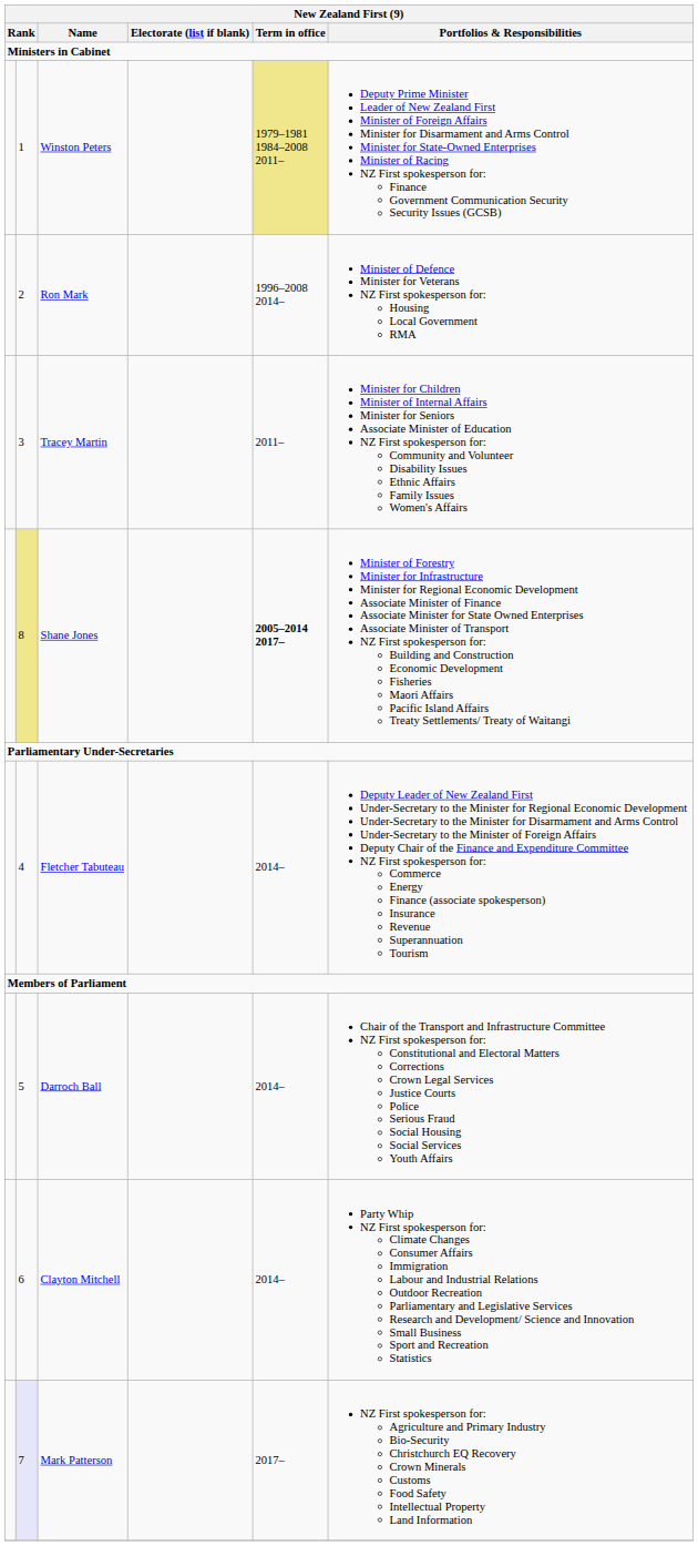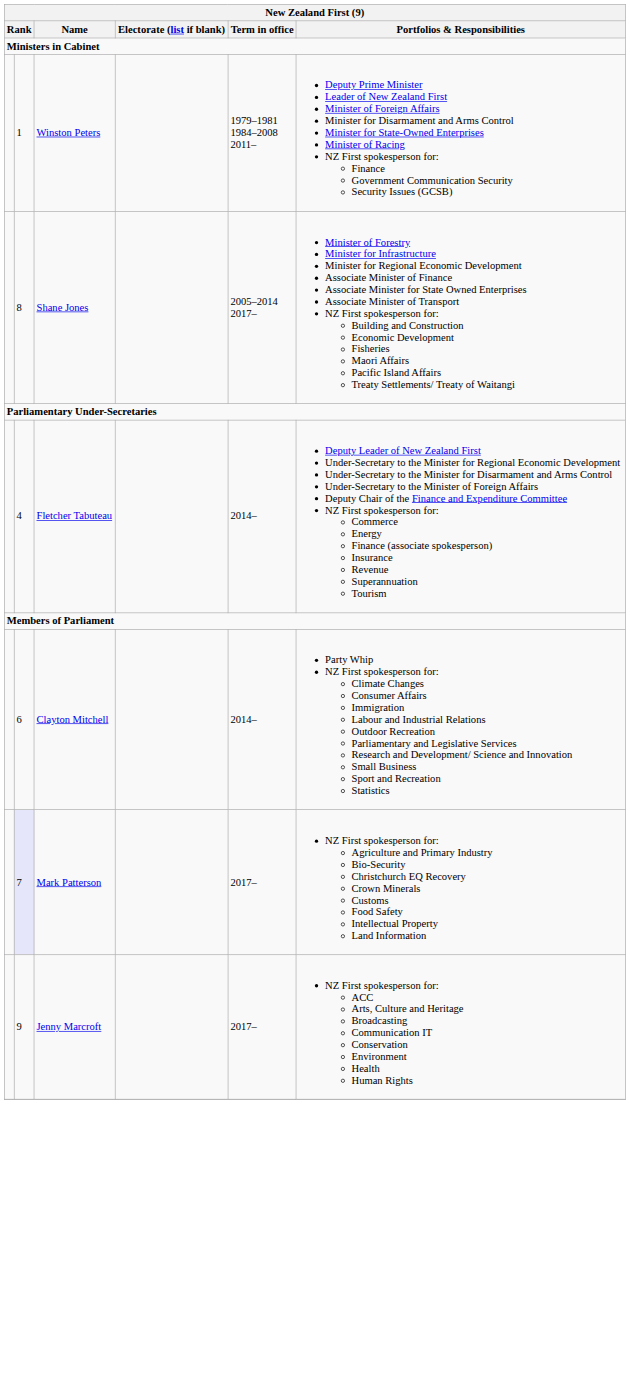 <table role="presentation" class="wikitable mw-collapsible mw-collapsed">
 <tr>
 <th colspan="6" style="width: 700pt; background: ">New Zealand First (9)</th>
 </tr>
 <tr>
 <th colspan="2">Rank</th>
 <th>Name</th>
 <th>Electorate (<a href='#'>list</a> if blank)</th>
 <th>Term in office</th>
 <th>Portfolios & Responsibilities</th>
 </tr>
 <tr>
 <td colspan=6><strong>Ministers in Cabinet</strong></td>
 </tr>
 <tr>
 <td></td>
 <td>1</td>
 <td><a href='#'>Winston Peters</a></td>
 <td></td>
-<td style="background: khaki;">1979–1981<br>1984–2008<br>2011–</td>
+<td>1979–1981<br>1984–2008<br>2011–</td>
 <td><br><ul><li><a href='#'>Deputy Prime Minister</a></li><li><a href='#'>Leader of New Zealand First</a></li><li><a href='#'>Minister of Foreign Affairs</a></li><li>Minister for Disarmament and Arms Control</li><li><a href='#'>Minister for State-Owned Enterprises</a></li><li><a href='#'>Minister of Racing</a></li><li>NZ First spokesperson for:<ul><li>Finance</li><li>Government Communication Security</li><li>Security Issues (GCSB)</li></ul></li></ul></td>
 </tr>
 <tr>
 <td></td>
-<td>2</td>
-<td><a href='#'>Ron Mark</a></td>
-<td></td>
-<td>1996–2008<br>2014–</td>
-<td><br><ul><li><a href='#'>Minister of Defence</a></li><li>Minister for Veterans</li><li>NZ First spokesperson for:<ul><li>Housing</li><li>Local Government</li><li>RMA</li></ul></li></ul></td>
-</tr>
-<tr>
-<td></td>
-<td>3</td>
-<td><a href='#'>Tracey Martin</a></td>
-<td></td>
-<td>2011–</td>
-<td><br><ul><li><a href='#'>Minister for Children</a></li><li><a href='#'>Minister of Internal Affairs</a></li><li>Minister for Seniors</li><li>Associate Minister of Education</li><li>NZ First spokesperson for:<ul><li>Community and Volunteer</li><li>Disability Issues</li><li>Ethnic Affairs</li><li>Family Issues</li><li>Women's Affairs</li></ul></li></ul></td>
-</tr>
-<tr>
-<td></td>
-<td style="background: khaki;">8</td>
+<td>8</td>
 <td><a href='#'>Shane Jones</a></td>
 <td></td>
-<td><strong>2005–2014<br>2017–</strong></td>
+<td>2005–2014<br>2017–</td>
 <td><br><ul><li><a href='#'>Minister of Forestry</a></li><li><a href='#'>Minister for Infrastructure</a></li><li>Minister for Regional Economic Development</li><li>Associate Minister of Finance</li><li>Associate Minister for State Owned Enterprises</li><li>Associate Minister of Transport</li><li>NZ First spokesperson for:<ul><li>Building and Construction</li><li>Economic Development</li><li>Fisheries</li><li>Maori Affairs</li><li>Pacific Island Affairs</li><li>Treaty Settlements/ Treaty of Waitangi</li></ul></li></ul></td>
 </tr>
 <tr>
 <td colspan=6><strong>Parliamentary Under-Secretaries</strong></td>
 </tr>
 <tr>
 <td></td>
 <td>4</td>
 <td><a href='#'>Fletcher Tabuteau</a></td>
 <td></td>
 <td>2014–</td>
 <td><br><ul><li><a href='#'>Deputy Leader of New Zealand First</a></li><li>Under-Secretary to the Minister for Regional Economic Development</li><li>Under-Secretary to the Minister for Disarmament and Arms Control</li><li>Under-Secretary to the Minister of Foreign Affairs</li><li>Deputy Chair of the <a href='#'>Finance and Expenditure Committee</a></li><li>NZ First spokesperson for:<ul><li>Commerce</li><li>Energy</li><li>Finance (associate spokesperson)</li><li>Insurance</li><li>Revenue</li><li>Superannuation</li><li>Tourism</li></ul></li></ul></td>
 </tr>
 <tr>
 <td colspan=6><strong>Members of Parliament</strong></td>
 </tr>
 <tr>
 <td></td>
-<td>5</td>
-<td><a href='#'>Darroch Ball</a></td>
-<td></td>
-<td>2014–</td>
-<td><br><ul><li>Chair of the Transport and Infrastructure Committee</li><li>NZ First spokesperson for:<ul><li>Constitutional and Electoral Matters</li><li>Corrections</li><li>Crown Legal Services</li><li>Justice Courts</li><li>Police</li><li>Serious Fraud</li><li>Social Housing</li><li>Social Services</li><li>Youth Affairs</li></ul></li></ul></td>
-</tr>
-<tr>
-<td></td>
 <td>6</td>
 <td><a href='#'>Clayton Mitchell</a></td>
 <td></td>
 <td>2014–</td>
 <td><br><ul><li>Party Whip</li><li>NZ First spokesperson for:<ul><li>Climate Changes</li><li>Consumer Affairs</li><li>Immigration</li><li>Labour and Industrial Relations</li><li>Outdoor Recreation</li><li>Parliamentary and Legislative Services</li><li>Research and Development/ Science and Innovation</li><li>Small Business</li><li>Sport and Recreation</li><li>Statistics</li></ul></li></ul></td>
 </tr>
 <tr>
 <td></td>
 <td style="background: lavender;">7</td>
 <td><a href='#'>Mark Patterson</a></td>
 <td></td>
 <td>2017–</td>
 <td><br><ul><li>NZ First spokesperson for:<ul><li>Agriculture and Primary Industry</li><li>Bio-Security</li><li>Christchurch EQ Recovery</li><li>Crown Minerals</li><li>Customs</li><li>Food Safety</li><li>Intellectual Property</li><li>Land Information</li></ul></li></ul></td>
 </tr>
 <tr>
+<td></td>
+<td>9</td>
+<td><a href='#'>Jenny Marcroft</a></td>
+<td></td>
+<td>2017–</td>
+<td><br><ul><li>NZ First spokesperson for:<ul><li>ACC</li><li>Arts, Culture and Heritage</li><li>Broadcasting</li><li>Communication IT</li><li>Conservation</li><li>Environment</li><li>Health</li><li>Human Rights</li></ul></li></ul></td>
+</tr>
+<tr>
 </tr>
 </table>
